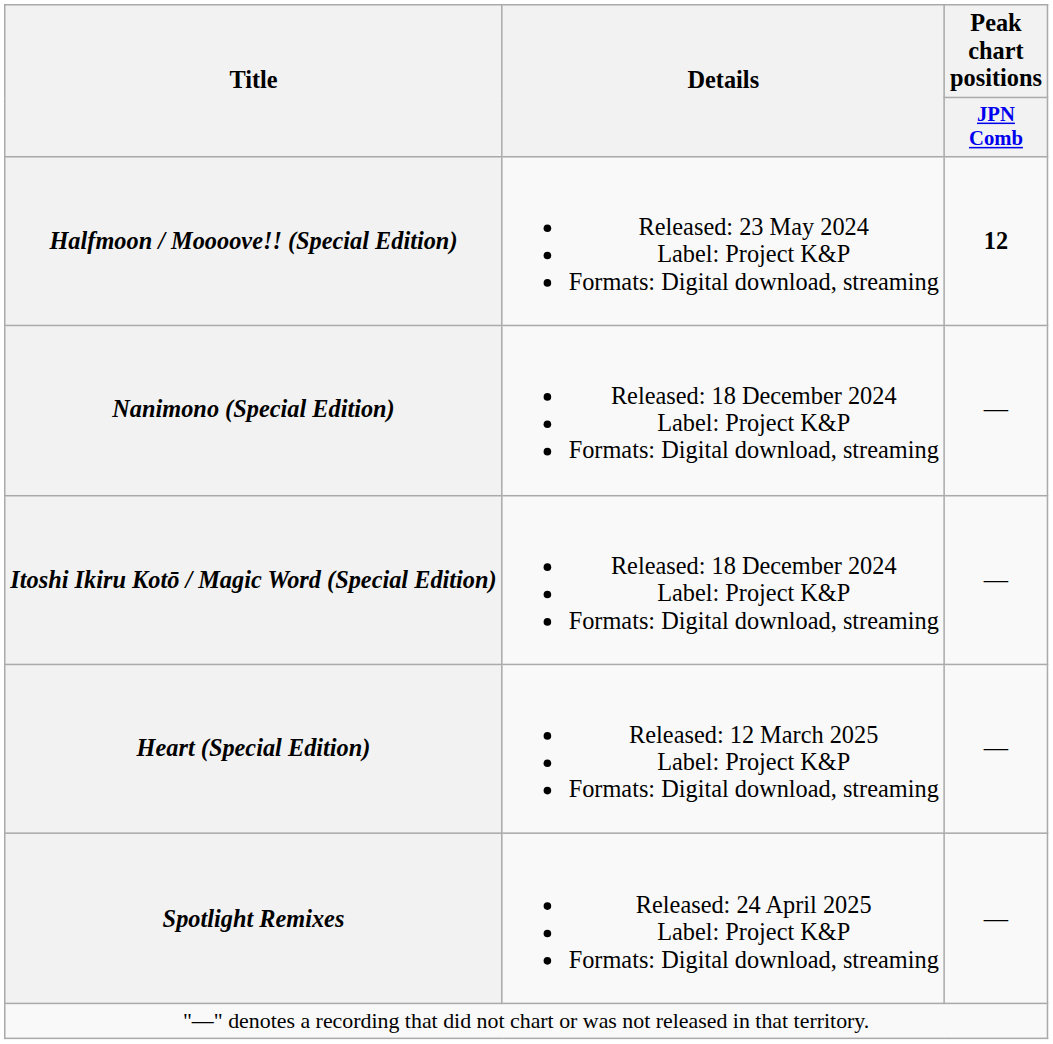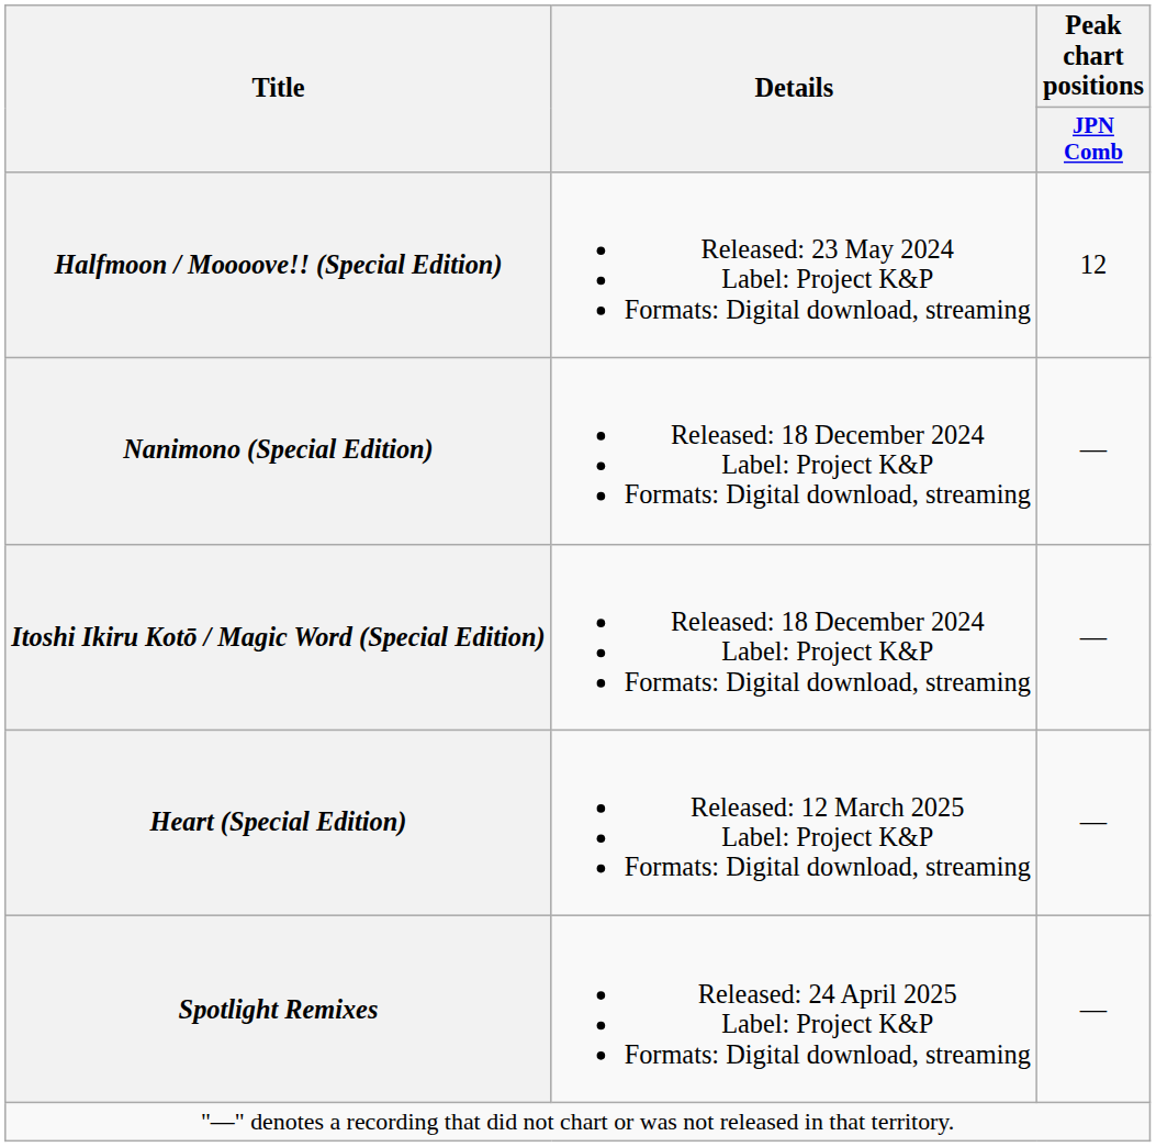 <table class="wikitable plainrowheaders" style="text-align:center;">
 <tr>
 <th rowspan="2">Title</th>
 <th rowspan="2">Details</th>
 <th colspan="1">Peak chart positions</th>
 </tr>
 <tr>
 <th scope="col" style="width:3em;font-size:85%;"><a href='#'>JPN<br>Comb</a><br></th>
 </tr>
 <tr>
 <th scope="row"><em>Halfmoon / Moooove!&excl; (Special Edition)</em></th>
 <td><br><ul><li>Released: 23 May 2024</li><li>Label: Project K&P</li><li>Formats: Digital download, streaming</li></ul></td>
-<td><strong>12</strong></td>
+<td>12</td>
 </tr>
 <tr>
 <th scope="row"><em>Nanimono (Special Edition)</em></th>
 <td><br><ul><li>Released: 18 December 2024</li><li>Label: Project K&P</li><li>Formats: Digital download, streaming</li></ul></td>
 <td>—</td>
 </tr>
 <tr>
 <th scope="row"><em>Itoshi Ikiru Kotō / Magic Word (Special Edition)</em></th>
 <td><br><ul><li>Released: 18 December 2024</li><li>Label: Project K&P</li><li>Formats: Digital download, streaming</li></ul></td>
 <td>—</td>
 </tr>
 <tr>
 <th scope="row"><em>Heart (Special Edition)</em></th>
 <td><br><ul><li>Released: 12 March 2025</li><li>Label: Project K&P</li><li>Formats: Digital download, streaming</li></ul></td>
 <td>—</td>
 </tr>
 <tr>
 <th scope="row"><em>Spotlight Remixes</em></th>
 <td><br><ul><li>Released: 24 April 2025</li><li>Label: Project K&P</li><li>Formats: Digital download, streaming</li></ul></td>
 <td>—</td>
 </tr>
 <tr>
 <td colspan="4" style="font-size:90%">"—" denotes a recording that did not chart or was not released in that territory.</td>
 </tr>
 </table>
